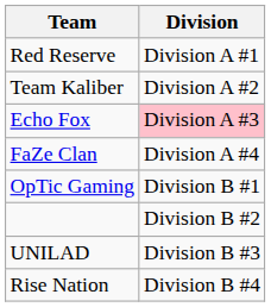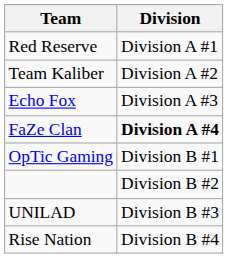 <table class="wikitable" style="text-align:left">
 <tr>
 <th>Team</th>
 <th>Division</th>
 </tr>
 <tr>
 <td>Red Reserve</td>
 <td>Division A #1</td>
 </tr>
 <tr>
 <td>Team Kaliber</td>
 <td>Division A #2</td>
 </tr>
 <tr>
 <td><a href='#'>Echo Fox</a></td>
-<td style="background: pink;">Division A #3</td>
+<td>Division A #3</td>
 </tr>
 <tr>
 <td><a href='#'>FaZe Clan</a></td>
-<td>Division A #4</td>
+<td><strong>Division A #4</strong></td>
 </tr>
 <tr>
 <td><a href='#'>OpTic Gaming</a></td>
 <td>Division B #1</td>
 </tr>
 <tr>
 <td></td>
 <td>Division B #2</td>
 </tr>
 <tr>
 <td>UNILAD</td>
 <td>Division B #3</td>
 </tr>
 <tr>
 <td>Rise Nation</td>
 <td>Division B #4</td>
 </tr>
 </table>
